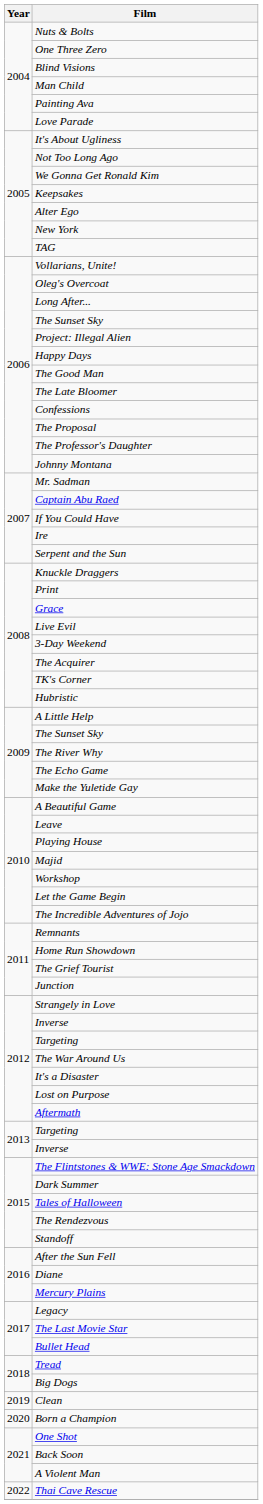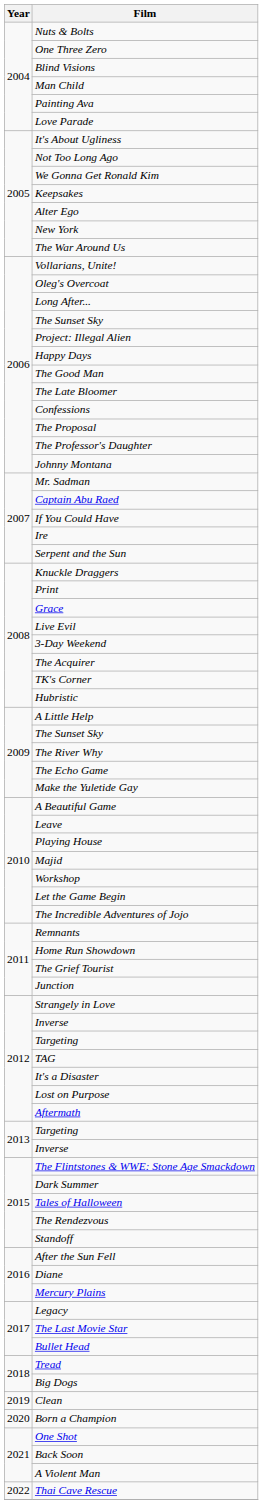 <table class="wikitable">
 <tr>
 <th>Year</th>
 <th>Film</th>
 </tr>
 <tr>
 <td rowspan="6">2004</td>
 <td><em>Nuts & Bolts</em></td>
 </tr>
 <tr>
 <td><em>One Three Zero</em></td>
 </tr>
 <tr>
 <td><em>Blind Visions</em></td>
 </tr>
 <tr>
 <td><em>Man Child</em></td>
 </tr>
 <tr>
 <td><em>Painting Ava</em></td>
 </tr>
 <tr>
 <td><em>Love Parade</em></td>
 </tr>
 <tr>
 <td rowspan="7">2005</td>
 <td><em>It's About Ugliness</em></td>
 </tr>
 <tr>
 <td><em>Not Too Long Ago</em></td>
 </tr>
 <tr>
 <td><em>We Gonna Get Ronald Kim</em></td>
 </tr>
 <tr>
 <td><em>Keepsakes</em></td>
 </tr>
 <tr>
 <td><em>Alter Ego</em></td>
 </tr>
 <tr>
 <td><em>New York</em></td>
 </tr>
 <tr>
-<td><em>TAG</em></td>
+<td><em>The War Around Us</em></td>
 </tr>
 <tr>
 <td rowspan="12">2006</td>
 <td><em>Vollarians, Unite!</em></td>
 </tr>
 <tr>
 <td><em>Oleg's Overcoat</em></td>
 </tr>
 <tr>
 <td><em>Long After...</em></td>
 </tr>
 <tr>
 <td><em>The Sunset Sky</em></td>
 </tr>
 <tr>
 <td><em>Project: Illegal Alien</em></td>
 </tr>
 <tr>
 <td><em>Happy Days</em></td>
 </tr>
 <tr>
 <td><em>The Good Man</em></td>
 </tr>
 <tr>
 <td><em>The Late Bloomer</em></td>
 </tr>
 <tr>
 <td><em>Confessions</em></td>
 </tr>
 <tr>
 <td><em>The Proposal</em></td>
 </tr>
 <tr>
 <td><em>The Professor's Daughter</em></td>
 </tr>
 <tr>
 <td><em>Johnny Montana</em></td>
 </tr>
 <tr>
 <td rowspan="5">2007</td>
 <td><em>Mr. Sadman</em></td>
 </tr>
 <tr>
 <td><em><a href='#'>Captain Abu Raed</a></em></td>
 </tr>
 <tr>
 <td><em>If You Could Have</em></td>
 </tr>
 <tr>
 <td><em>Ire</em></td>
 </tr>
 <tr>
 <td><em>Serpent and the Sun</em></td>
 </tr>
 <tr>
 <td rowspan="8">2008</td>
 <td><em>Knuckle Draggers</em></td>
 </tr>
 <tr>
 <td><em>Print</em></td>
 </tr>
 <tr>
 <td><em><a href='#'>Grace</a></em></td>
 </tr>
 <tr>
 <td><em>Live Evil</em></td>
 </tr>
 <tr>
 <td><em>3-Day Weekend</em></td>
 </tr>
 <tr>
 <td><em>The Acquirer</em></td>
 </tr>
 <tr>
 <td><em>TK's Corner</em></td>
 </tr>
 <tr>
 <td><em>Hubristic</em></td>
 </tr>
 <tr>
 <td rowspan="5">2009</td>
 <td><em>A Little Help</em></td>
 </tr>
 <tr>
 <td><em>The Sunset Sky</em></td>
 </tr>
 <tr>
 <td><em>The River Why</em></td>
 </tr>
 <tr>
 <td><em>The Echo Game</em></td>
 </tr>
 <tr>
 <td><em>Make the Yuletide Gay</em></td>
 </tr>
 <tr>
 <td rowspan="7">2010</td>
 <td><em>A Beautiful Game</em></td>
 </tr>
 <tr>
 <td><em>Leave</em></td>
 </tr>
 <tr>
 <td><em>Playing House</em></td>
 </tr>
 <tr>
 <td><em>Majid</em></td>
 </tr>
 <tr>
 <td><em>Workshop</em></td>
 </tr>
 <tr>
 <td><em>Let the Game Begin</em></td>
 </tr>
 <tr>
 <td><em>The Incredible Adventures of Jojo</em></td>
 </tr>
 <tr>
 <td rowspan="4">2011</td>
 <td><em>Remnants</em></td>
 </tr>
 <tr>
 <td><em>Home Run Showdown</em></td>
 </tr>
 <tr>
 <td><em>The Grief Tourist</em></td>
 </tr>
 <tr>
 <td><em>Junction</em></td>
 </tr>
 <tr>
 <td rowspan="7">2012</td>
 <td><em>Strangely in Love</em></td>
 </tr>
 <tr>
 <td><em>Inverse</em></td>
 </tr>
 <tr>
 <td><em>Targeting</em></td>
 </tr>
 <tr>
-<td><em>The War Around Us</em></td>
+<td><em>TAG</em></td>
 </tr>
 <tr>
 <td><em>It's a Disaster</em></td>
 </tr>
 <tr>
 <td><em>Lost on Purpose</em></td>
 </tr>
 <tr>
 <td><em><a href='#'>Aftermath</a></em></td>
 </tr>
 <tr>
 <td rowspan="2">2013</td>
 <td><em>Targeting</em></td>
 </tr>
 <tr>
 <td><em>Inverse</em></td>
 </tr>
 <tr>
 <td rowspan="5">2015</td>
 <td><a href='#'><em>The Flintstones & WWE: Stone Age Smackdown</em></a></td>
 </tr>
 <tr>
 <td><em>Dark Summer</em></td>
 </tr>
 <tr>
 <td><em><a href='#'>Tales of Halloween</a></em></td>
 </tr>
 <tr>
 <td><em>The Rendezvous</em></td>
 </tr>
 <tr>
 <td><em>Standoff</em></td>
 </tr>
 <tr>
 <td rowspan="3">2016</td>
 <td><em>After the Sun Fell</em></td>
 </tr>
 <tr>
 <td><em>Diane</em></td>
 </tr>
 <tr>
 <td><em><a href='#'>Mercury Plains</a></em></td>
 </tr>
 <tr>
 <td rowspan="3">2017</td>
 <td><em>Legacy</em></td>
 </tr>
 <tr>
 <td><em><a href='#'>The Last Movie Star</a></em></td>
 </tr>
 <tr>
 <td><em><a href='#'>Bullet Head</a></em></td>
 </tr>
 <tr>
 <td rowspan="2">2018</td>
 <td><em><a href='#'>Tread</a></em></td>
 </tr>
 <tr>
 <td><em>Big Dogs</em></td>
 </tr>
 <tr>
 <td>2019</td>
 <td><em>Clean</em></td>
 </tr>
 <tr>
 <td>2020</td>
 <td><em>Born a Champion</em></td>
 </tr>
 <tr>
 <td rowspan="3">2021</td>
 <td><em><a href='#'>One Shot</a></em></td>
 </tr>
 <tr>
 <td><em>Back Soon</em></td>
 </tr>
 <tr>
 <td><em>A Violent Man</em></td>
 </tr>
 <tr>
 <td>2022</td>
 <td><em><a href='#'>Thai Cave Rescue</a></em></td>
 </tr>
 <tr>
 </tr>
 </table>
